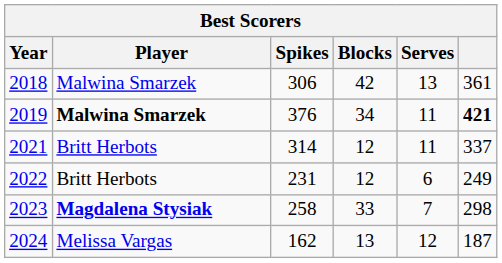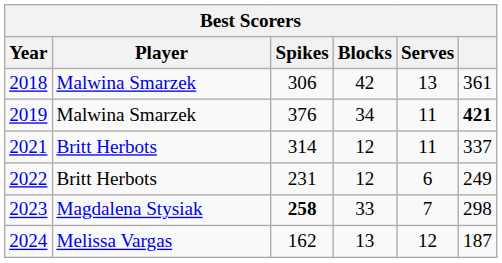 <table class="wikitable sortable" style=font-size:90%>
 <tr>
 <th colspan=6>Best Scorers</th>
 </tr>
 <tr>
 <th width=20>Year</th>
 <th width=158>Player</th>
 <th width=20>Spikes</th>
 <th width=20>Blocks</th>
 <th width=20>Serves</th>
 <th width=20></th>
 </tr>
 <tr>
 <td><a href='#'>2018</a></td>
 <td> <a href='#'>Malwina Smarzek</a></td>
 <td align=center>306</td>
 <td align=center>42</td>
 <td align=center>13</td>
 <td align=center>361</td>
 </tr>
 <tr>
 <td><a href='#'>2019</a></td>
-<td><strong> Malwina Smarzek</strong></td>
+<td> Malwina Smarzek</td>
 <td align=center>376</td>
 <td align=center>34</td>
 <td align=center>11</td>
 <td align=center><strong>421</strong></td>
 </tr>
 <tr>
 <td><a href='#'>2021</a></td>
 <td> <a href='#'>Britt Herbots</a></td>
 <td align=center>314</td>
 <td align=center>12</td>
 <td align=center>11</td>
 <td align=center>337</td>
 </tr>
 <tr>
 <td><a href='#'>2022</a></td>
 <td> Britt Herbots</td>
 <td align=center>231</td>
 <td align=center>12</td>
 <td align=center>6</td>
 <td align=center>249</td>
 </tr>
 <tr>
 <td><a href='#'>2023</a></td>
-<td><strong> <a href='#'>Magdalena Stysiak</a></strong></td>
-<td align=center>258</td>
+<td> <a href='#'>Magdalena Stysiak</a></td>
+<td align=center><strong>258</strong></td>
 <td align=center>33</td>
 <td align=center>7</td>
 <td align=center>298</td>
 </tr>
 <tr>
 <td><a href='#'>2024</a></td>
 <td> <a href='#'>Melissa Vargas</a></td>
 <td align=center>162</td>
 <td align=center>13</td>
 <td align=center>12</td>
 <td align=center>187</td>
 </tr>
 </table>
